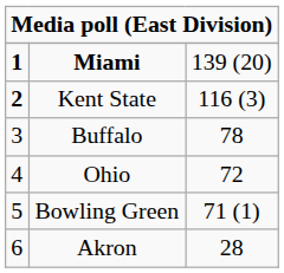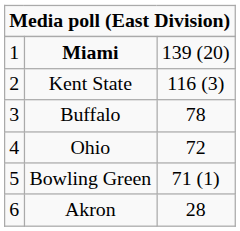 <table class="wikitable" style="display: inline-table;">
 <tr>
 <td align="center" Colspan="3"><strong>Media poll (East Division)</strong></td>
 </tr>
 <tr align="center" | >
 </tr>
 <tr align="center">
-<td><strong>1</strong></td>
+<td>1</td>
 <td><strong>Miami</strong></td>
 <td>139 (20)</td>
 </tr>
 <tr align="center">
-<td><strong>2</strong></td>
+<td>2</td>
 <td>Kent State</td>
 <td>116 (3)</td>
 </tr>
 <tr align="center">
 <td>3</td>
 <td>Buffalo</td>
 <td>78</td>
 </tr>
 <tr align="center">
 <td>4</td>
 <td>Ohio</td>
 <td>72</td>
 </tr>
 <tr align="center">
 <td>5</td>
 <td>Bowling Green</td>
 <td>71 (1)</td>
 </tr>
 <tr align="center">
 <td>6</td>
 <td>Akron</td>
 <td>28</td>
 </tr>
 </table>
